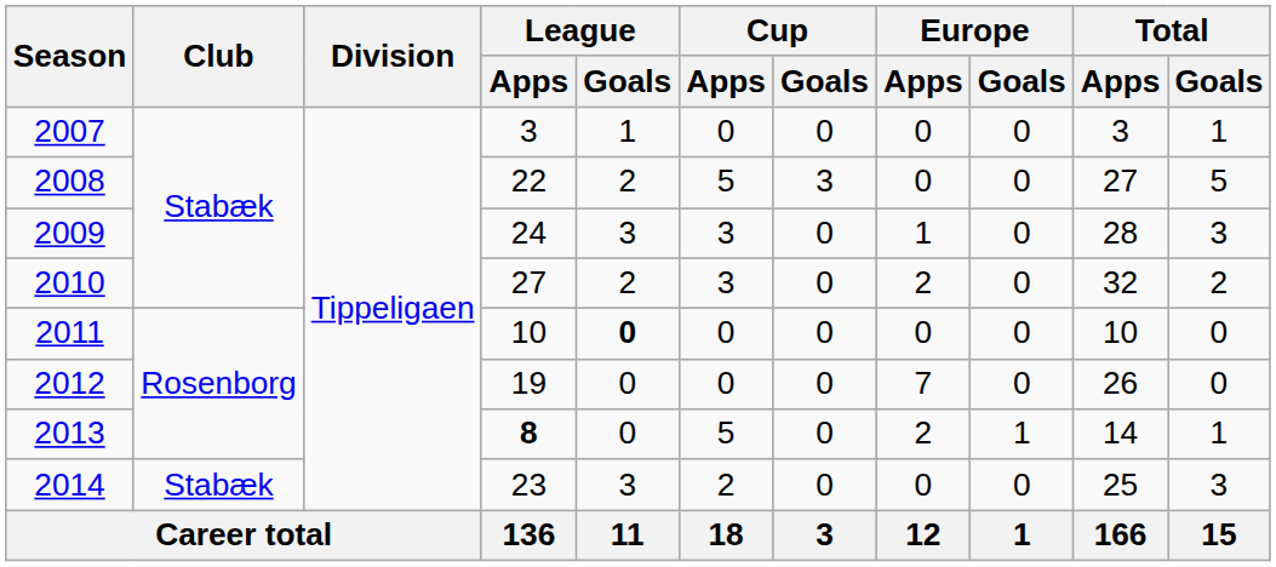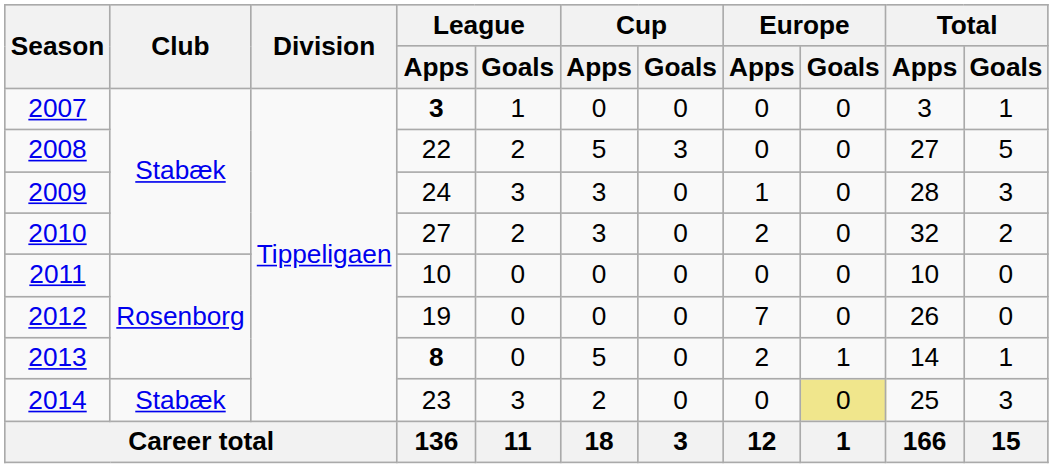 <table class="wikitable" style="text-align: center">
 <tr>
 <th rowspan="2">Season</th>
 <th rowspan="2">Club</th>
 <th rowspan="2">Division</th>
 <th colspan="2">League</th>
 <th colspan="2">Cup</th>
 <th colspan="2">Europe</th>
 <th colspan="2">Total</th>
 </tr>
 <tr>
 <th>Apps</th>
 <th>Goals</th>
 <th>Apps</th>
 <th>Goals</th>
 <th>Apps</th>
 <th>Goals</th>
 <th>Apps</th>
 <th>Goals</th>
 </tr>
 <tr>
 <td><a href='#'>2007</a></td>
 <td rowspan="4"><a href='#'>Stabæk</a></td>
 <td rowspan="8"><a href='#'>Tippeligaen</a></td>
-<td>3</td>
+<td><strong>3</strong></td>
 <td>1</td>
 <td>0</td>
 <td>0</td>
 <td>0</td>
 <td>0</td>
 <td>3</td>
 <td>1</td>
 </tr>
 <tr>
 <td><a href='#'>2008</a></td>
 <td>22</td>
 <td>2</td>
 <td>5</td>
 <td>3</td>
 <td>0</td>
 <td>0</td>
 <td>27</td>
 <td>5</td>
 </tr>
 <tr>
 <td><a href='#'>2009</a></td>
 <td>24</td>
 <td>3</td>
 <td>3</td>
 <td>0</td>
 <td>1</td>
 <td>0</td>
 <td>28</td>
 <td>3</td>
 </tr>
 <tr>
 <td><a href='#'>2010</a></td>
 <td>27</td>
 <td>2</td>
 <td>3</td>
 <td>0</td>
 <td>2</td>
 <td>0</td>
 <td>32</td>
 <td>2</td>
 </tr>
 <tr>
 <td><a href='#'>2011</a></td>
 <td rowspan="3"><a href='#'>Rosenborg</a></td>
 <td>10</td>
-<td><strong>0</strong></td>
+<td>0</td>
 <td>0</td>
 <td>0</td>
 <td>0</td>
 <td>0</td>
 <td>10</td>
 <td>0</td>
 </tr>
 <tr>
 <td><a href='#'>2012</a></td>
 <td>19</td>
 <td>0</td>
 <td>0</td>
 <td>0</td>
 <td>7</td>
 <td>0</td>
 <td>26</td>
 <td>0</td>
 </tr>
 <tr>
 <td><a href='#'>2013</a></td>
 <td><strong>8</strong></td>
 <td>0</td>
 <td>5</td>
 <td>0</td>
 <td>2</td>
 <td>1</td>
 <td>14</td>
 <td>1</td>
 </tr>
 <tr>
 <td><a href='#'>2014</a></td>
 <td rowspan="1"><a href='#'>Stabæk</a></td>
 <td>23</td>
 <td>3</td>
 <td>2</td>
 <td>0</td>
 <td>0</td>
-<td>0</td>
+<td style="background: khaki;">0</td>
 <td>25</td>
 <td>3</td>
 </tr>
 <tr>
 <th colspan="3">Career total</th>
 <th>136</th>
 <th>11</th>
 <th>18</th>
 <th>3</th>
 <th>12</th>
 <th>1</th>
 <th>166</th>
 <th>15</th>
 </tr>
 </table>
